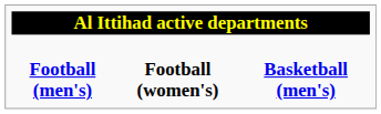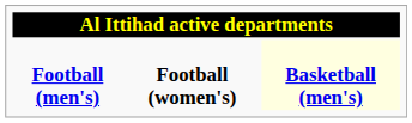 <table class="infobox" style="width: 20em; font-size: 95%em;">
 <tr style="color:yellow; background:black; text-align:center;">
 <th colspan="3" style="text-align: center">Al Ittihad active departments</th>
 </tr>
 <tr style="text-align: center">
 <td><br><strong><a href='#'>Football<br>(men's)</a></strong></td>
 <td><br><strong>Football<br>(women's)</strong></td>
-<td><br><strong><a href='#'>Basketball<br>(men's)</a></strong></td>
+<td style="background: lightyellow;"><br><strong><a href='#'>Basketball<br>(men's)</a></strong></td>
 </tr>
 </table>
